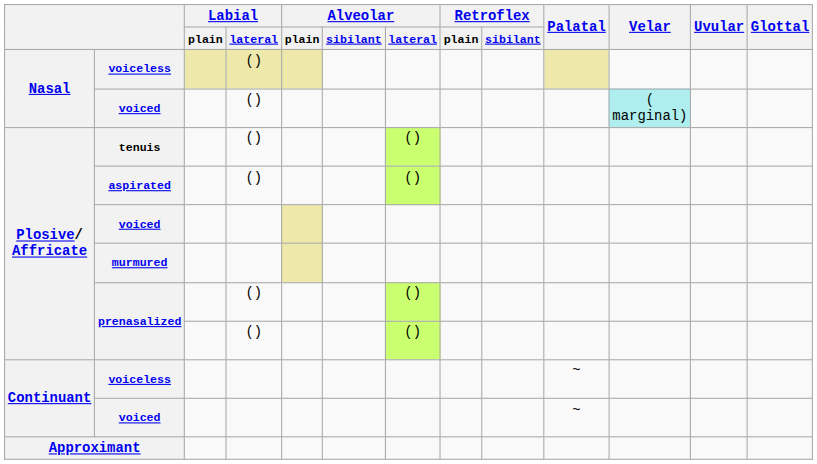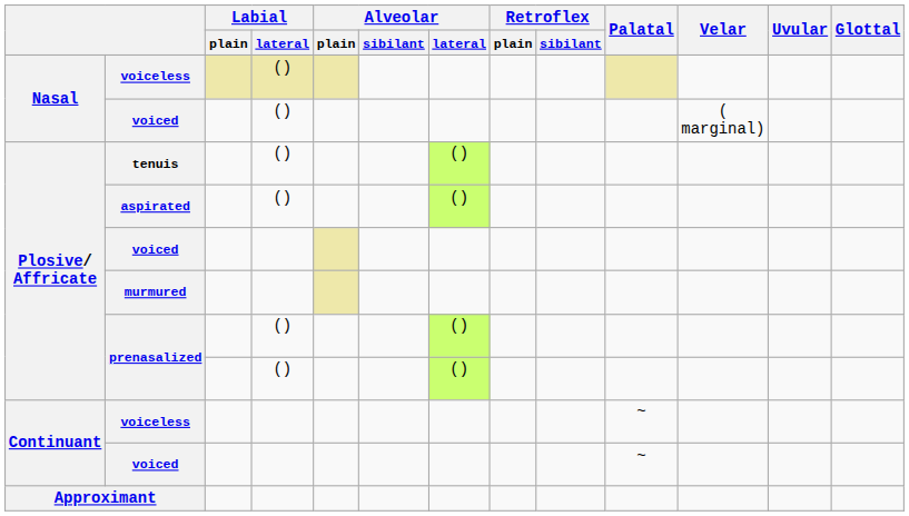 <table class="wikitable" style="text-align: center">
 <tr>
 <th colspan="2" rowspan="2"></th>
 <th colspan="2"><a href='#'>Labial</a></th>
 <th colspan="3"><a href='#'>Alveolar</a></th>
 <th colspan="2"><a href='#'>Retroflex</a></th>
 <th rowspan="2"><a href='#'>Palatal</a></th>
 <th rowspan="2"><a href='#'>Velar</a></th>
 <th rowspan="2"><a href='#'>Uvular</a></th>
 <th rowspan="2"><a href='#'>Glottal</a></th>
 </tr>
 <tr>
 <th><small>plain</small></th>
 <th><small><a href='#'>lateral</a></small></th>
 <th><small>plain</small></th>
 <th><small><a href='#'>sibilant</a></small></th>
 <th><small><a href='#'>lateral</a></small></th>
 <th><small>plain</small></th>
 <th><small><a href='#'>sibilant</a></small></th>
 </tr>
 <tr>
 <th rowspan="2"><a href='#'>Nasal</a></th>
 <th><small><a href='#'>voiceless</a></small></th>
 <td style="background:#EEE8AA"> <br><br><big></big></td>
 <td style="background:#EEE8AA">() <br><br><big></big></td>
 <td style="background:#EEE8AA"> <br><br><big></big></td>
 <td></td>
 <td></td>
 <td></td>
 <td></td>
 <td style="background:#EEE8AA"> <br><br><big></big></td>
 <td></td>
 <td></td>
 <td></td>
 </tr>
 <tr>
 <th><small><a href='#'>voiced</a></small></th>
 <td> <br><br><big></big></td>
 <td>() <br><br><big></big></td>
 <td> <br><br><big></big></td>
 <td></td>
 <td></td>
 <td></td>
 <td></td>
 <td> <br><br><big></big></td>
-<td style="background: paleturquoise;">( <br>marginal)</td>
+<td>( <br>marginal)</td>
 <td> <br></td>
 <td></td>
 </tr>
 <tr>
 <th rowspan="6"><a href='#'>Plosive</a>/<br><a href='#'>Affricate</a></th>
 <th><small>tenuis</small></th>
 <td> <br><br><big></big></td>
 <td>() <br><br><big></big></td>
 <td> <br><br><big></big></td>
 <td> <br><br><big></big></td>
 <td style="background:#CAFF70">() <br><br><big></big></td>
 <td> <br><br><big></big></td>
 <td> <br><br><big></big></td>
 <td> <br><br><big></big></td>
 <td> <br></td>
 <td> <br><br><big></big></td>
 <td> <br><br><big></big></td>
 </tr>
 <tr>
 <th><small><a href='#'>aspirated</a></small></th>
 <td> <br><br><big></big></td>
 <td>() <br><br><big></big></td>
 <td> <br><br><big></big></td>
 <td> <br><br><big></big></td>
 <td style="background:#CAFF70">() <br><br><big></big></td>
 <td> <br><br><big></big></td>
 <td> <br><br><big></big></td>
 <td> <br><br><big></big></td>
 <td> <br><br><big></big></td>
 <td> <br><br><big></big></td>
 <td></td>
 </tr>
 <tr>
 <th><small><a href='#'>voiced</a></small></th>
 <td></td>
 <td></td>
 <td style="background:#EEE8AA"> <br><br><big></big></td>
 <td></td>
 <td></td>
 <td></td>
 <td></td>
 <td></td>
 <td></td>
 <td></td>
 <td></td>
 </tr>
 <tr>
 <th><small><a href='#'>murmured</a></small></th>
 <td></td>
 <td></td>
 <td style="background:#EEE8AA"> <br><br><big></big></td>
 <td></td>
 <td></td>
 <td></td>
 <td></td>
 <td></td>
 <td></td>
 <td></td>
 <td></td>
 </tr>
 <tr>
 <th rowspan="2"><small><a href='#'>prenasalized</a></small></th>
 <td> <br><br><big></big></td>
 <td>() <br><br><big></big></td>
 <td> <br><br><big></big></td>
 <td> <br><br><big></big></td>
 <td style="background:#CAFF70">() <br><br><big></big></td>
 <td> <br><br><big></big></td>
 <td> <br><br><big></big></td>
 <td> <br><br><big></big></td>
 <td> <br><br><big></big></td>
 <td> <br><br><big></big></td>
 <td></td>
 </tr>
 <tr>
 <td> <br><br><big></big></td>
 <td>() <br><br><big></big></td>
 <td> <br><br><big></big></td>
 <td> <br><br><big></big></td>
 <td style="background:#CAFF70">() <br><br><big></big></td>
 <td> <br><br><big></big></td>
 <td> <br><br><big></big></td>
 <td> <br><br><big></big></td>
 <td> <br><br><big></big></td>
 <td> <br><br><big></big></td>
 <td></td>
 </tr>
 <tr>
 <th rowspan="2"><a href='#'>Continuant</a></th>
 <th><small><a href='#'>voiceless</a></small></th>
 <td> <br><br><big></big></td>
 <td></td>
 <td> <br><br><big></big></td>
 <td></td>
 <td> <br><br><big></big></td>
 <td> <br><br><big></big></td>
 <td></td>
 <td> ~  <br><br><big></big></td>
 <td></td>
 <td></td>
 <td> <br><br><big></big></td>
 </tr>
 <tr>
 <th><small><a href='#'>voiced</a></small></th>
 <td> <br><br><big></big></td>
 <td></td>
 <td></td>
 <td></td>
 <td> <br><br><big></big></td>
 <td> <br><br><big></big></td>
 <td></td>
 <td> ~  <br><br><big></big></td>
 <td></td>
 <td></td>
 <td></td>
 </tr>
 <tr>
 <th colspan="2"><a href='#'>Approximant</a></th>
 <td></td>
 <td></td>
 <td></td>
 <td></td>
 <td></td>
 <td><br></td>
 <td></td>
 <td></td>
 <td></td>
 <td></td>
 <td></td>
 </tr>
 </table>
